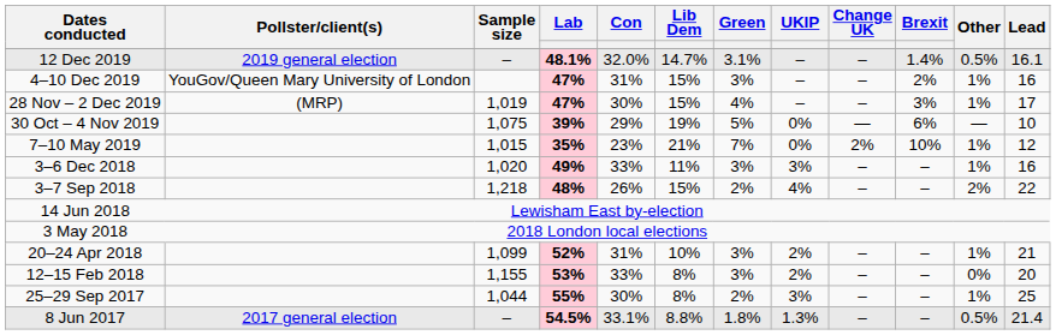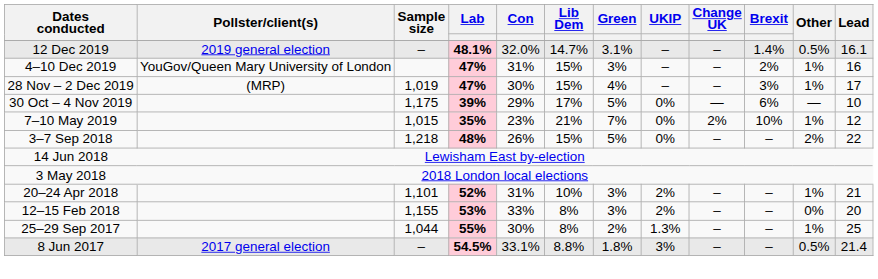 <table class="wikitable sortable mw-datatable" style="text-align:center;line-height:14px;">
 <tr>
 <th rowspan="2">Dates<br>conducted</th>
 <th rowspan="2">Pollster/client(s)</th>
 <th data-sort-type="number" rowspan="2">Sample<br>size</th>
 <th class="unsortable" style="width:50px;"><a href='#'>Lab</a></th>
 <th class="unsortable" style="width:50px;"><a href='#'>Con</a></th>
 <th class="unsortable" style="width:50px;"><a href='#'>Lib Dem</a></th>
 <th class="unsortable" style="width:50px;"><a href='#'>Green</a></th>
 <th class="unsortable" style="width:50px;"><a href='#'>UKIP</a></th>
 <th class="unsortable" style="width:50px;"><a href='#'>Change UK</a></th>
 <th class="unsortable" style="width:50px;"><a href='#'>Brexit</a></th>
 <th class="unsortable" rowspan="2">Other</th>
 <th data-sort-type="number" rowspan="2">Lead</th>
 </tr>
 <tr>
 <th data-sort-type="number" style="background:"></th>
 <th data-sort-type="number" style="background:"></th>
 <th data-sort-type="number" style="background:"></th>
 <th data-sort-type="number" style="background:"></th>
 <th data-sort-type="number" style="background:"></th>
 <th data-sort-type="number" style="background:"></th>
 <th data-sort-type="number" style="background:"></th>
 </tr>
 <tr>
 </tr>
 <tr style="background:#E9E9E9;">
 <td>12 Dec 2019</td>
 <td><a href='#'>2019 general election</a></td>
 <td>–</td>
 <td style="background:#FFCCD9;"><strong>48.1%</strong></td>
 <td>32.0%</td>
 <td>14.7%</td>
 <td>3.1%</td>
 <td>–</td>
 <td>–</td>
 <td>1.4%</td>
 <td>0.5%</td>
 <td style="background:">16.1</td>
 </tr>
 <tr>
 <td data-sort-value="2019-12-10">4–10 Dec 2019</td>
 <td>YouGov/Queen Mary University of London</td>
 <td></td>
 <td style="background:#FFCCD9;"><strong>47%</strong></td>
 <td>31%</td>
 <td>15%</td>
 <td>3%</td>
 <td>–</td>
 <td>–</td>
 <td>2%</td>
 <td>1%</td>
 <td style="background:">16</td>
 </tr>
 <tr>
 <td>28 Nov – 2 Dec 2019</td>
 <td> (MRP)</td>
 <td>1,019</td>
 <td style="background:#FFCCD9;"><strong>47%</strong></td>
 <td>30%</td>
 <td>15%</td>
 <td>4%</td>
 <td>–</td>
 <td>–</td>
 <td>3%</td>
 <td>1%</td>
 <td style="background:">17</td>
 </tr>
 <tr>
 <td data-sort-value="2019-05-10">30 Oct – 4 Nov 2019</td>
 <td></td>
-<td>1,075</td>
+<td>1,175</td>
 <td style="background:#FFCCD9;"><strong>39%</strong></td>
 <td>29%</td>
-<td>19%</td>
+<td>17%</td>
 <td>5%</td>
 <td>0%</td>
 <td>—</td>
 <td>6%</td>
 <td>—</td>
 <td style="background:">10</td>
 </tr>
 <tr>
 <td data-sort-value="2019-05-10">7–10 May 2019</td>
 <td></td>
 <td>1,015</td>
 <td style="background:#FFCCD9;"><strong>35%</strong></td>
 <td>23%</td>
 <td>21%</td>
 <td>7%</td>
 <td>0%</td>
 <td>2%</td>
 <td>10%</td>
 <td>1%</td>
 <td style="background:">12</td>
 </tr>
 <tr>
-<td data-sort-value="2018-12-06">3–6 Dec 2018</td>
-<td></td>
-<td>1,020</td>
-<td style="background:#FFCCD9;"><strong>49%</strong></td>
-<td>33%</td>
-<td>11%</td>
-<td>3%</td>
-<td>3%</td>
-<td>–</td>
-<td>–</td>
-<td>1%</td>
-<td style="background:">16</td>
-</tr>
-<tr>
 <td data-sort-value="2018-09-07">3–7 Sep 2018</td>
 <td></td>
 <td>1,218</td>
 <td style="background:#FFCCD9;"><strong>48%</strong></td>
 <td>26%</td>
 <td>15%</td>
-<td>2%</td>
-<td>4%</td>
+<td>5%</td>
+<td>0%</td>
 <td>–</td>
 <td>–</td>
 <td>2%</td>
 <td style="background:">22</td>
 </tr>
 <tr>
 <td style="border-right-style:hidden;" data-sort-value="2018-06-14">14 Jun 2018</td>
 <td colspan="11" style="border-right-style:hidden;"><a href='#'>Lewisham East by-election</a></td>
 </tr>
 <tr>
 <td style="border-right-style:hidden;" data-sort-value="2018-05-03">3 May 2018</td>
 <td colspan="11" style="border-right-style:hidden;"><a href='#'>2018 London local elections</a></td>
 </tr>
 <tr>
 <td data-sort-value="2018-04-24">20–24 Apr 2018</td>
 <td></td>
-<td>1,099</td>
+<td>1,101</td>
 <td style="background:#FFCCD9;"><strong>52%</strong></td>
 <td>31%</td>
 <td>10%</td>
 <td>3%</td>
 <td>2%</td>
 <td>–</td>
 <td>–</td>
 <td>1%</td>
 <td style="background:">21</td>
 </tr>
 <tr>
 <td data-sort-value="2018-02-15">12–15 Feb 2018</td>
 <td></td>
 <td>1,155</td>
 <td style="background:#FFCCD9;"><strong>53%</strong></td>
 <td>33%</td>
 <td>8%</td>
 <td>3%</td>
 <td>2%</td>
 <td>–</td>
 <td>–</td>
 <td>0%</td>
 <td style="background:">20</td>
 </tr>
 <tr>
 <td data-sort-value="2017-09-29">25–29 Sep 2017</td>
 <td></td>
 <td>1,044</td>
 <td style="background:#FFCCD9;"><strong>55%</strong></td>
 <td>30%</td>
 <td>8%</td>
 <td>2%</td>
-<td>3%</td>
+<td>1.3%</td>
 <td>–</td>
 <td>–</td>
 <td>1%</td>
 <td style="background:">25</td>
 </tr>
 <tr style="background:#E9E9E9;">
 <td data-sort-value="2017-06-08">8 Jun 2017</td>
 <td><a href='#'>2017 general election</a></td>
 <td>–</td>
 <td style="background:#FFCCD9;"><strong>54.5%</strong></td>
 <td>33.1%</td>
 <td>8.8%</td>
 <td>1.8%</td>
-<td>1.3%</td>
+<td>3%</td>
 <td>–</td>
 <td>–</td>
 <td>0.5%</td>
 <td style="background:">21.4</td>
 </tr>
 </table>
